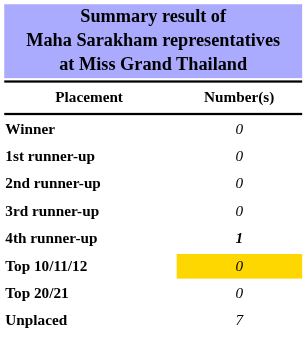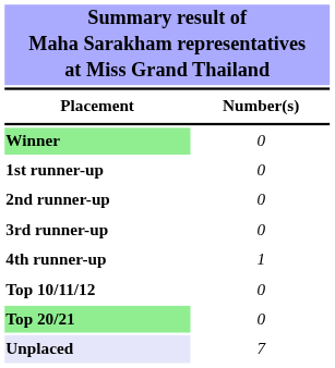 <table style="width: 270px; font-size:85%; line-height:1.5em;">
 <tr>
 <th colspan="2" align="center" style="background:#AAF;"><big>Summary result of<br>Maha Sarakham representatives<br>at Miss Grand Thailand</big></th>
 </tr>
 <tr>
 <td colspan="2" style="background:black"></td>
 </tr>
 <tr>
 <th scope="col">Placement</th>
 <th scope="col">Number(s)</th>
 </tr>
 <tr>
 <td colspan="2" style="background:black"></td>
 </tr>
 <tr>
-<td align="left"><strong>Winner</strong></td>
+<td align="left" style="background: lightgreen;"><strong>Winner</strong></td>
 <td align="center"><em>0</em></td>
 </tr>
 <tr>
 <td align="left"><strong>1st runner-up</strong></td>
 <td align="center"><em>0</em></td>
 </tr>
 <tr>
 <td align="left"><strong>2nd runner-up</strong></td>
 <td align="center"><em>0</em></td>
 </tr>
 <tr>
 <td align="left"><strong>3rd runner-up</strong></td>
 <td align="center"><em>0</em></td>
 </tr>
 <tr>
 <td align="left"><strong>4th runner-up</strong></td>
-<td align="center"><strong><em>1</em></strong></td>
+<td align="center"><em>1</em></td>
 </tr>
 <tr>
 <td align="left"><strong>Top 10/11/12</strong></td>
-<td align="center" style="background: gold;"><em>0</em></td>
-</tr>
-<tr>
-<td align="left"><strong>Top 20/21</strong></td>
 <td align="center"><em>0</em></td>
 </tr>
 <tr>
-<td align="left"><strong>Unplaced</strong></td>
+<td align="left" style="background: lightgreen;"><strong>Top 20/21</strong></td>
+<td align="center"><em>0</em></td>
+</tr>
+<tr>
+<td align="left" style="background: lavender;"><strong>Unplaced</strong></td>
 <td align="center"><em>7</em></td>
 </tr>
 </table>
